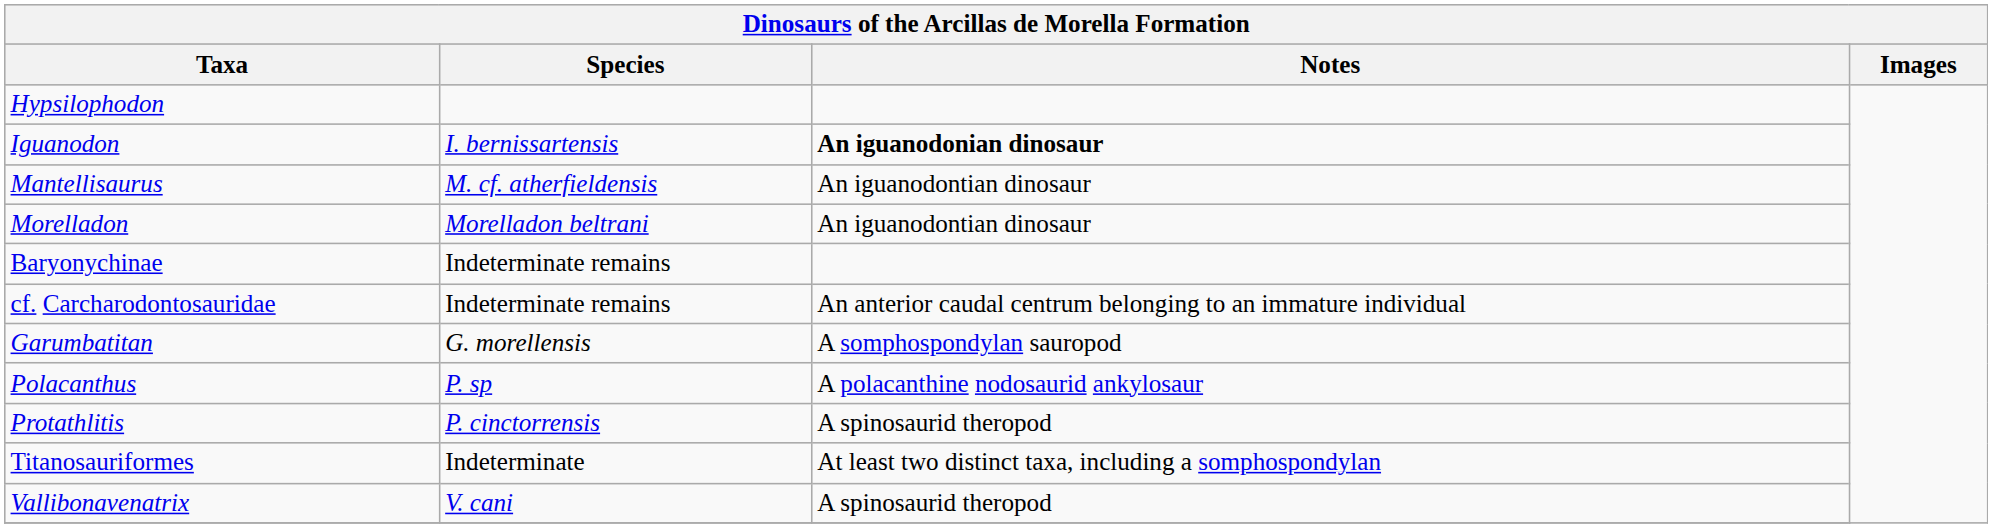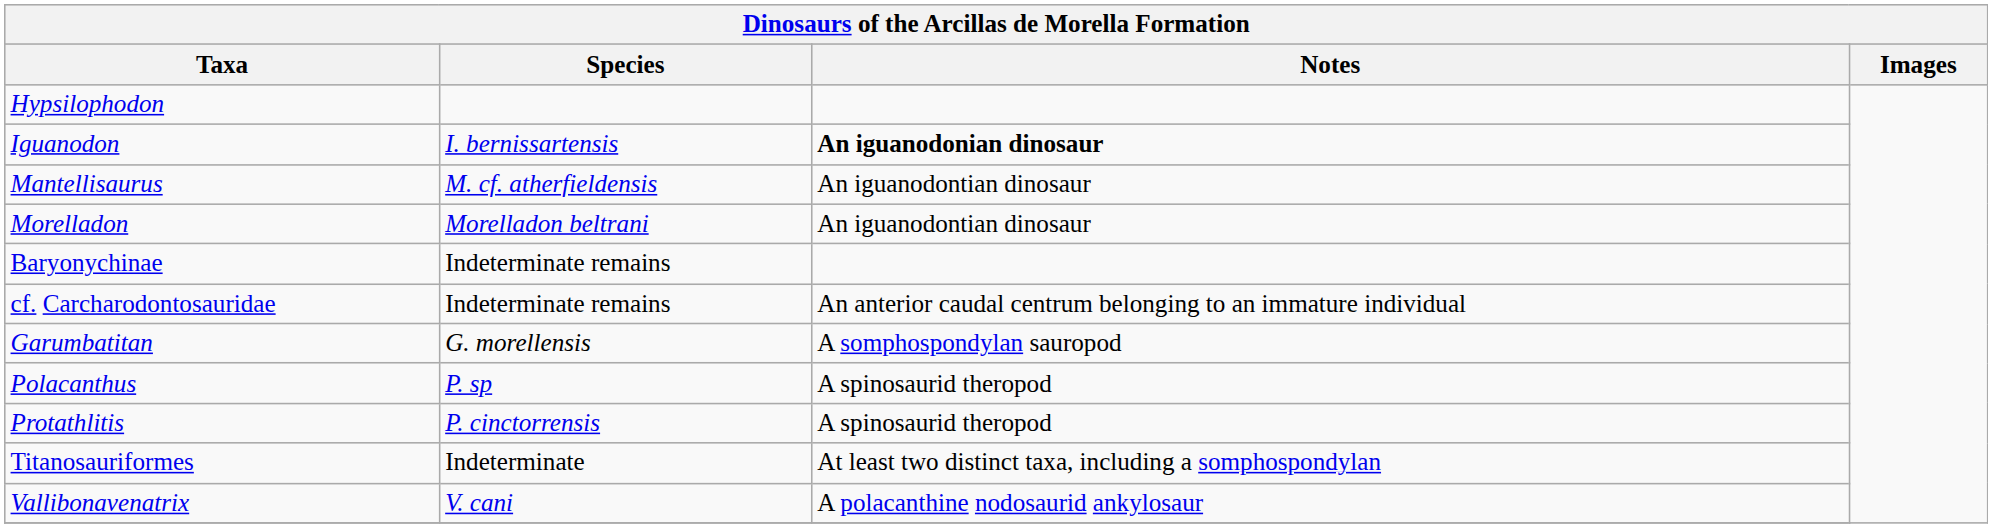 <table class="wikitable" align="center" width="100%">
 <tr>
 <th colspan="4" align="center"><strong><a href='#'>Dinosaurs</a> of the Arcillas de Morella Formation</strong></th>
 </tr>
 <tr>
 <th>Taxa</th>
 <th>Species</th>
 <th>Notes</th>
 <th>Images</th>
 </tr>
 <tr>
 <td><em><a href='#'>Hypsilophodon</a></em></td>
 <td></td>
 <td></td>
 <td rowspan="100"><br>    </td>
 </tr>
 <tr>
 <td><em><a href='#'>Iguanodon</a></em></td>
 <td><em><a href='#'>I. bernissartensis</a></em></td>
 <td><strong>An iguanodonian dinosaur</strong></td>
 </tr>
 <tr>
 <td><em><a href='#'>Mantellisaurus</a></em></td>
 <td><em><a href='#'>M. cf. atherfieldensis</a></em></td>
 <td>An iguanodontian dinosaur</td>
 </tr>
 <tr>
 <td><em><a href='#'>Morelladon</a></em></td>
 <td><em><a href='#'>Morelladon beltrani</a></em></td>
 <td>An iguanodontian dinosaur</td>
 </tr>
 <tr>
 <td><a href='#'>Baryonychinae</a></td>
 <td>Indeterminate remains</td>
 <td></td>
 </tr>
 <tr>
 <td><a href='#'>cf.</a> <a href='#'>Carcharodontosauridae</a></td>
 <td>Indeterminate remains</td>
 <td>An anterior caudal centrum belonging to an immature individual</td>
 </tr>
 <tr>
 <td><em><a href='#'>Garumbatitan</a></em></td>
 <td><em>G. morellensis</em></td>
 <td>A <a href='#'>somphospondylan</a> sauropod</td>
 </tr>
 <tr>
 <td><em><a href='#'>Polacanthus</a></em></td>
 <td><em><a href='#'>P. sp</a></em></td>
-<td>A <a href='#'>polacanthine</a> <a href='#'>nodosaurid</a> <a href='#'>ankylosaur</a></td>
+<td>A spinosaurid theropod</td>
 </tr>
 <tr>
 <td><em><a href='#'>Protathlitis</a></em></td>
 <td><em><a href='#'>P. cinctorrensis</a></em></td>
 <td>A spinosaurid theropod</td>
 </tr>
 <tr>
 <td><a href='#'>Titanosauriformes</a></td>
 <td>Indeterminate</td>
 <td>At least two distinct taxa, including a <a href='#'>somphospondylan</a></td>
 </tr>
 <tr>
 <td><em><a href='#'>Vallibonavenatrix</a></em></td>
 <td><em><a href='#'>V. cani</a></em></td>
-<td>A spinosaurid theropod</td>
+<td>A <a href='#'>polacanthine</a> <a href='#'>nodosaurid</a> <a href='#'>ankylosaur</a></td>
 </tr>
 <tr>
 </tr>
 </table>
